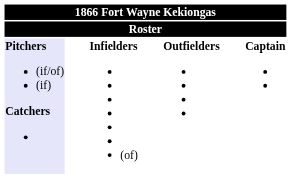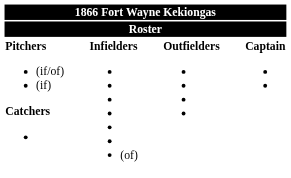 <table class="toccolours" style="font-size: 95%;">
 <tr>
 <th colspan="10" style="background-color: black; color: white; text-align: center;">1866 Fort Wayne Kekiongas</th>
 </tr>
 <tr>
 <td colspan="10" style="background-color:black; color: white; text-align: center;"><strong>Roster</strong></td>
 </tr>
 <tr>
-<td valign="top" style="background: lavender;"><strong>Pitchers</strong><br><ul><li> (if/of)</li><li> (if)</li></ul><strong>Catchers</strong><ul><li></li></ul></td>
+<td valign="top"><strong>Pitchers</strong><br><ul><li> (if/of)</li><li> (if)</li></ul><strong>Catchers</strong><ul><li></li></ul></td>
 <td width="25px"></td>
 <td valign="top"><strong>Infielders</strong><br><ul><li></li><li></li><li></li><li></li><li></li><li></li><li> (of)</li></ul></td>
 <td width="25px"></td>
 <td valign="top"><strong>Outfielders</strong><br><ul><li></li><li></li><li></li><li></li></ul></td>
 <td width="25px"></td>
 <td valign="top"><strong>Captain</strong><br><ul><li></li><li></li></ul></td>
 </tr>
 </table>
